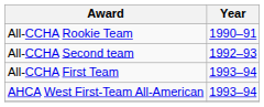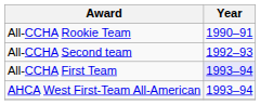 <table class="wikitable">
 <tr>
 <th>Award</th>
 <th>Year</th>
 </tr>
 <tr>
 <td>All-<a href='#'>CCHA</a> <a href='#'>Rookie Team</a></td>
 <td><a href='#'>1990–91</a></td>
 </tr>
 <tr>
 <td>All-<a href='#'>CCHA</a> <a href='#'>Second team</a></td>
 <td><a href='#'>1992–93</a></td>
 </tr>
 <tr>
 <td>All-<a href='#'>CCHA</a> <a href='#'>First Team</a></td>
-<td><a href='#'>1993–94</a></td>
+<td style="background: lavender;"><a href='#'>1993–94</a></td>
 </tr>
 <tr>
 <td><a href='#'>AHCA</a> <a href='#'>West First-Team All-American</a></td>
 <td><a href='#'>1993–94</a></td>
 </tr>
 <tr>
 </tr>
 </table>
